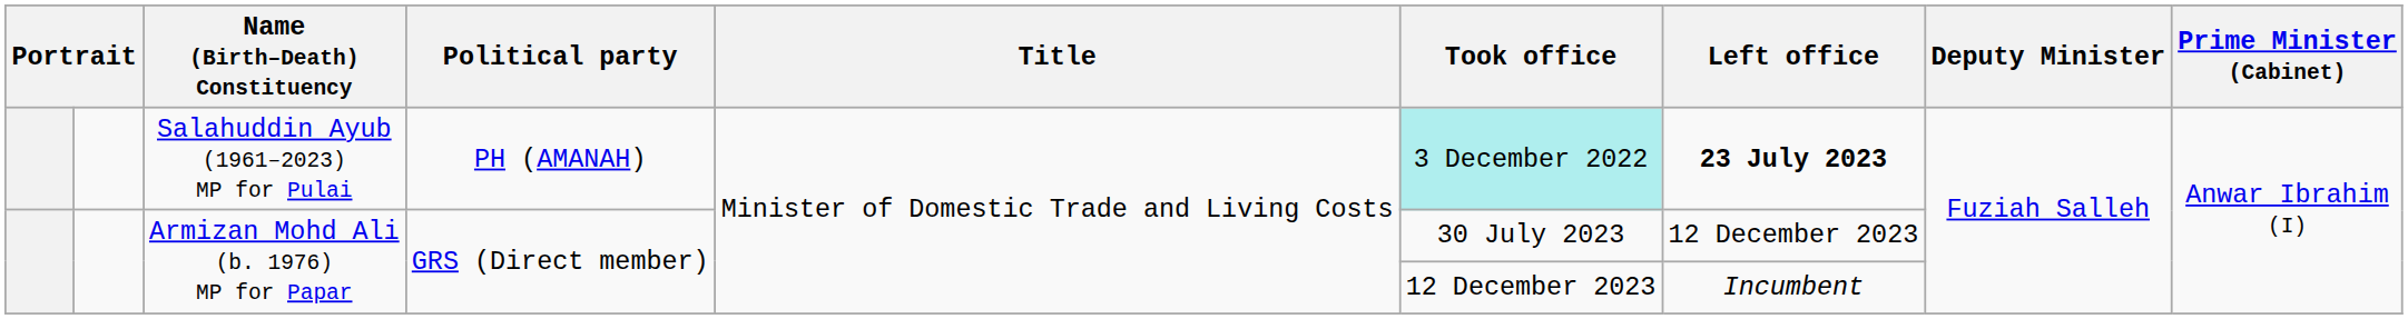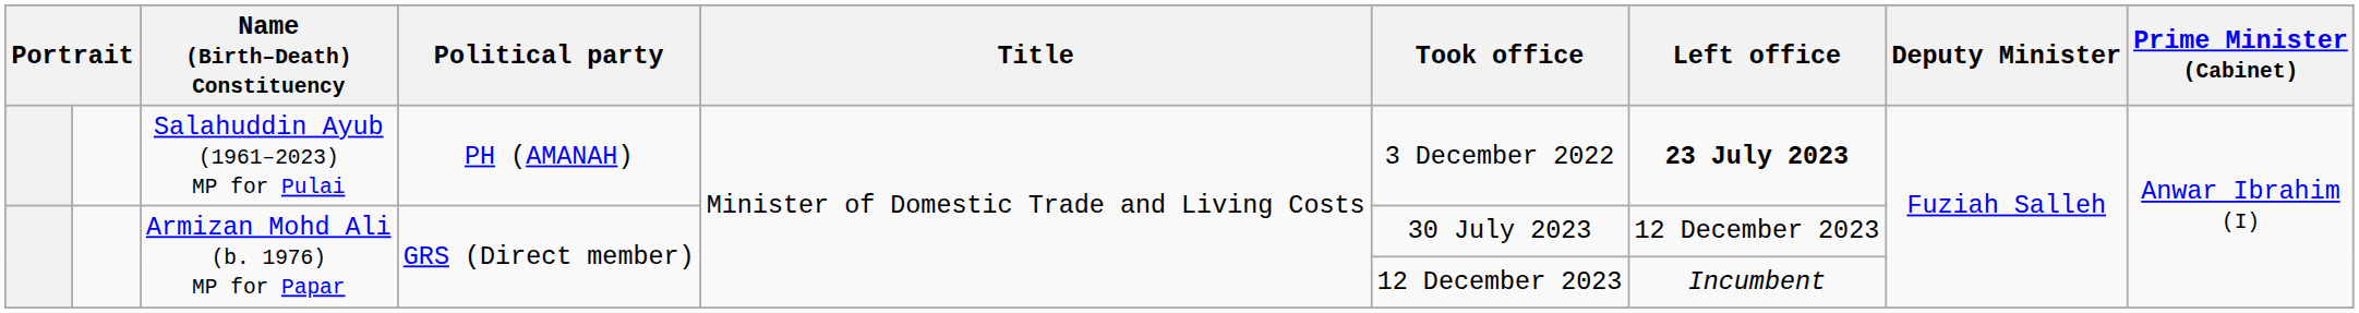 <table class="wikitable" style="text-align:center;">
 <tr>
 <th colspan=2>Portrait</th>
 <th>Name<br><small>(Birth–Death)<br>Constituency</small></th>
 <th>Political party</th>
 <th>Title</th>
 <th>Took office</th>
 <th>Left office</th>
 <th>Deputy Minister</th>
 <th><a href='#'>Prime Minister</a><br><small>(Cabinet)</small></th>
 </tr>
 <tr>
 <th style="background:"></th>
 <td></td>
 <td><a href='#'>Salahuddin Ayub</a><br><small>(1961–2023)<br>MP for <a href='#'>Pulai</a></small></td>
 <td><a href='#'>PH</a> (<a href='#'>AMANAH</a>)</td>
 <td rowspan="3">Minister of Domestic Trade and Living Costs</td>
-<td style="background: paleturquoise;">3 December 2022</td>
+<td>3 December 2022</td>
 <td><strong>23 July 2023</strong></td>
 <td rowspan="3"><a href='#'>Fuziah Salleh</a></td>
 <td rowspan="3"><a href='#'>Anwar Ibrahim</a><br><small>(I)</small></td>
 </tr>
 <tr>
 <th rowspan=2 style="background:"></th>
 <td rowspan=2></td>
 <td rowspan=2><a href='#'>Armizan Mohd Ali</a><br><small>(b. 1976)<br>MP for <a href='#'>Papar</a></small></td>
 <td rowspan=2><a href='#'>GRS</a> (Direct member)</td>
 <td>30 July 2023</td>
 <td>12 December 2023</td>
 </tr>
 <tr>
 <td>12 December 2023</td>
 <td><em>Incumbent</em></td>
 </tr>
 </table>
